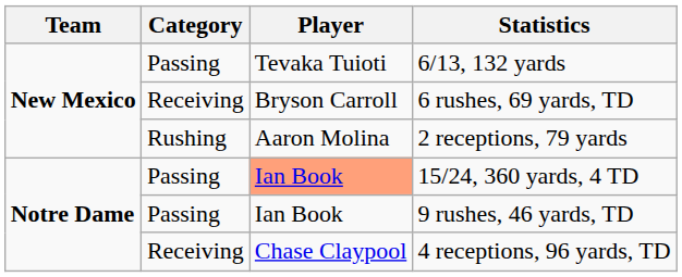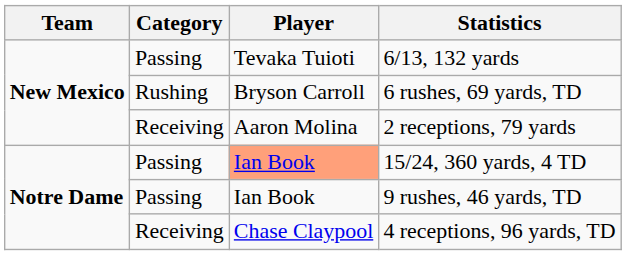 <table class="wikitable" style="float: left;">
 <tr>
 <th>Team</th>
 <th>Category</th>
 <th>Player</th>
 <th>Statistics</th>
 </tr>
 <tr>
 <td rowspan=3><strong>New Mexico</strong></td>
 <td>Passing</td>
 <td>Tevaka Tuioti</td>
 <td>6/13, 132 yards</td>
 </tr>
 <tr>
-<td>Receiving</td>
+<td>Rushing</td>
 <td>Bryson Carroll</td>
 <td>6 rushes, 69 yards, TD</td>
 </tr>
 <tr>
-<td>Rushing</td>
+<td>Receiving</td>
 <td>Aaron Molina</td>
 <td>2 receptions, 79 yards</td>
 </tr>
 <tr>
 <td rowspan=3><strong>Notre Dame</strong></td>
 <td>Passing</td>
 <td style="background: lightsalmon;"><a href='#'>Ian Book</a></td>
 <td>15/24, 360 yards, 4 TD</td>
 </tr>
 <tr>
 <td>Passing</td>
 <td>Ian Book</td>
 <td>9 rushes, 46 yards, TD</td>
 </tr>
 <tr>
 <td>Receiving</td>
 <td><a href='#'>Chase Claypool</a></td>
 <td>4 receptions, 96 yards, TD</td>
 </tr>
 </table>
